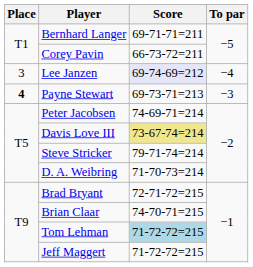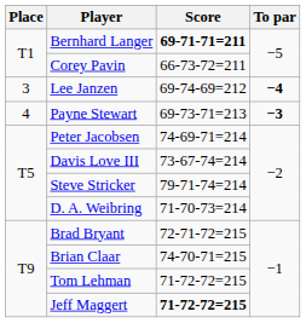 <table class="wikitable">
 <tr>
 <th>Place</th>
 <th>Player</th>
 <th>Score</th>
 <th>To par</th>
 </tr>
 <tr>
 <td rowspan=2 align=center>T1</td>
 <td> <a href='#'>Bernhard Langer</a></td>
-<td align=center>69-71-71=211</td>
+<td align=center><strong>69-71-71=211</strong></td>
 <td rowspan=2 align=center>−5</td>
 </tr>
 <tr>
 <td> <a href='#'>Corey Pavin</a></td>
 <td align=center>66-73-72=211</td>
 </tr>
 <tr>
 <td align=center>3</td>
 <td> <a href='#'>Lee Janzen</a></td>
-<td align=center style="background: lavender;">69-74-69=212</td>
-<td align=center>−4</td>
+<td align=center>69-74-69=212</td>
+<td align=center><strong>−4</strong></td>
 </tr>
 <tr>
-<td align=center><strong>4</strong></td>
+<td align=center>4</td>
 <td> <a href='#'>Payne Stewart</a></td>
 <td align=center>69-73-71=213</td>
-<td align=center>−3</td>
+<td align=center><strong>−3</strong></td>
 </tr>
 <tr>
 <td rowspan=4 align=center>T5</td>
 <td> <a href='#'>Peter Jacobsen</a></td>
 <td align=center>74-69-71=214</td>
 <td rowspan=4 align=center>−2</td>
 </tr>
 <tr>
 <td> <a href='#'>Davis Love III</a></td>
-<td align=center style="background: khaki;">73-67-74=214</td>
+<td align=center>73-67-74=214</td>
 </tr>
 <tr>
 <td> <a href='#'>Steve Stricker</a></td>
 <td align=center>79-71-74=214</td>
 </tr>
 <tr>
 <td> <a href='#'>D. A. Weibring</a></td>
 <td align=center>71-70-73=214</td>
 </tr>
 <tr>
 <td rowspan=4 align=center>T9</td>
 <td> <a href='#'>Brad Bryant</a></td>
 <td align=center>72-71-72=215</td>
 <td rowspan=4 align=center>−1</td>
 </tr>
 <tr>
 <td> <a href='#'>Brian Claar</a></td>
 <td align=center>74-70-71=215</td>
 </tr>
 <tr>
 <td> <a href='#'>Tom Lehman</a></td>
-<td align=center style="background: lightblue;">71-72-72=215</td>
+<td align=center>71-72-72=215</td>
 </tr>
 <tr>
 <td> <a href='#'>Jeff Maggert</a></td>
-<td align=center>71-72-72=215</td>
+<td align=center><strong>71-72-72=215</strong></td>
 </tr>
 </table>
